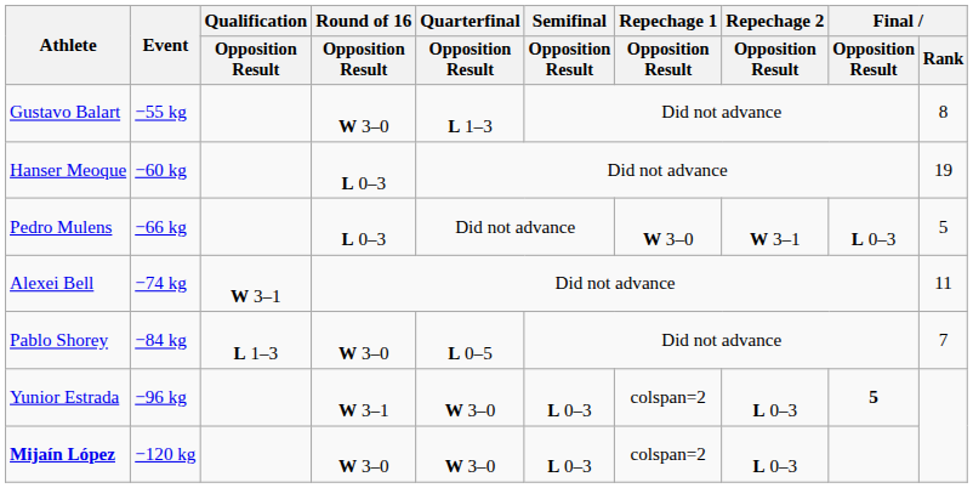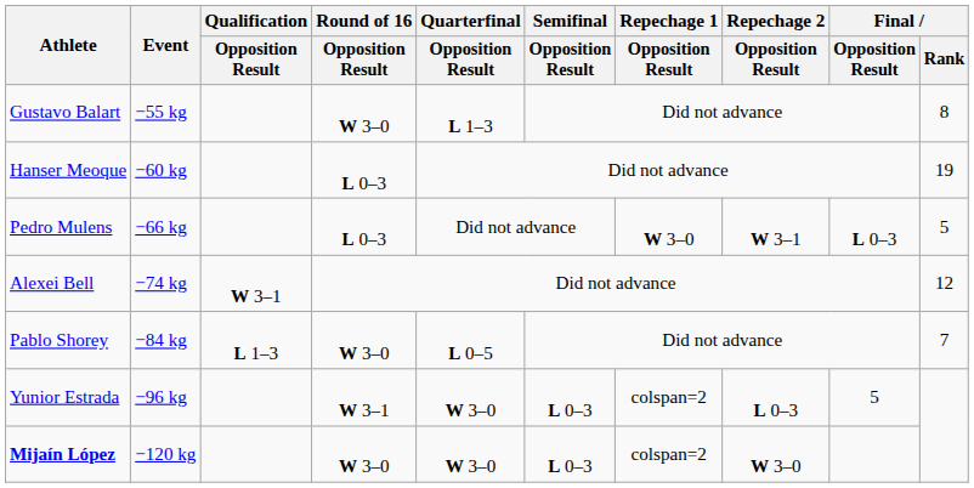 <table class="wikitable" style="font-size:90%;">
 <tr>
 <th rowspan=2>Athlete</th>
 <th rowspan=2>Event</th>
 <th>Qualification</th>
 <th>Round of 16</th>
 <th>Quarterfinal</th>
 <th>Semifinal</th>
 <th>Repechage 1</th>
 <th>Repechage 2</th>
 <th colspan=2>Final / </th>
 </tr>
 <tr style="font-size: 95%">
 <th>Opposition<br>Result</th>
 <th>Opposition<br>Result</th>
 <th>Opposition<br>Result</th>
 <th>Opposition<br>Result</th>
 <th>Opposition<br>Result</th>
 <th>Opposition<br>Result</th>
 <th>Opposition<br>Result</th>
 <th>Rank</th>
 </tr>
 <tr align=center>
 <td align=left><a href='#'>Gustavo Balart</a></td>
 <td align=left><a href='#'>−55 kg</a></td>
 <td></td>
 <td><br><strong>W</strong> 3–0 <sup></sup></td>
 <td><br><strong>L</strong> 1–3 <sup></sup></td>
 <td colspan=4>Did not advance</td>
 <td>8</td>
 </tr>
 <tr align=center>
 <td align=left><a href='#'>Hanser Meoque</a></td>
 <td align=left><a href='#'>−60 kg</a></td>
 <td></td>
 <td><br><strong>L</strong> 0–3 <sup></sup></td>
 <td colspan=5>Did not advance</td>
 <td>19</td>
 </tr>
 <tr align=center>
 <td align=left><a href='#'>Pedro Mulens</a></td>
 <td align=left><a href='#'>−66 kg</a></td>
 <td></td>
 <td><br><strong>L</strong> 0–3 <sup></sup></td>
 <td colspan=2>Did not advance</td>
 <td><br><strong>W</strong> 3–0 <sup></sup></td>
 <td><br><strong>W</strong> 3–1 <sup></sup></td>
 <td><br><strong>L</strong> 0–3 <sup></sup></td>
 <td>5</td>
 </tr>
 <tr align=center>
 <td align=left><a href='#'>Alexei Bell</a></td>
 <td align=left><a href='#'>−74 kg</a></td>
 <td><br><strong>W</strong> 3–1 <sup></sup></td>
 <td colspan=6>Did not advance</td>
-<td>11</td>
+<td>12</td>
 </tr>
 <tr align=center>
 <td align=left><a href='#'>Pablo Shorey</a></td>
 <td align=left><a href='#'>−84 kg</a></td>
 <td><br><strong>L</strong> 1–3 <sup></sup></td>
 <td><br><strong>W</strong> 3–0 <sup></sup></td>
 <td><br><strong>L</strong> 0–5 <sup></sup></td>
 <td colspan=4>Did not advance</td>
 <td>7</td>
 </tr>
 <tr align=center>
 <td align=left><a href='#'>Yunior Estrada</a></td>
 <td align=left><a href='#'>−96 kg</a></td>
 <td></td>
 <td><br><strong>W</strong> 3–1 <sup></sup></td>
 <td><br><strong>W</strong> 3–0 <sup></sup></td>
 <td><br><strong>L</strong> 0–3 <sup></sup></td>
 <td>colspan=2 </td>
 <td><br><strong>L</strong> 0–3 <sup></sup></td>
-<td><strong>5</strong></td>
+<td>5</td>
 </tr>
 <tr align=center>
 <td align=left><strong><a href='#'>Mijaín López</a></strong></td>
 <td align=left><a href='#'>−120 kg</a></td>
 <td></td>
 <td><br><strong>W</strong> 3–0 <sup></sup></td>
 <td><br><strong>W</strong> 3–0 <sup></sup></td>
 <td><br><strong>L</strong> 0–3 <sup></sup></td>
 <td>colspan=2 </td>
-<td><br><strong>L</strong> 0–3 <sup></sup></td>
+<td><br><strong>W</strong> 3–0 <sup></sup></td>
 <td></td>
 </tr>
 </table>
